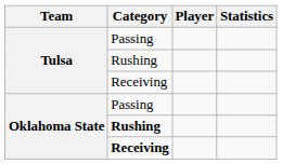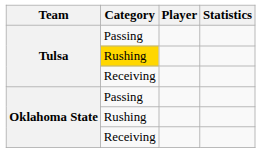 <table class="wikitable" style="float:right">
 <tr>
 <th>Team</th>
 <th>Category</th>
 <th>Player</th>
 <th>Statistics</th>
 </tr>
 <tr>
 <th rowspan=3>Tulsa</th>
 <td>Passing</td>
 <td></td>
 <td></td>
 </tr>
 <tr>
-<td>Rushing</td>
+<td style="background: gold;">Rushing</td>
 <td></td>
 <td></td>
 </tr>
 <tr>
 <td>Receiving</td>
 <td></td>
 <td></td>
 </tr>
 <tr>
 <th rowspan=3>Oklahoma State</th>
 <td>Passing</td>
 <td></td>
 <td></td>
 </tr>
 <tr>
-<td><strong>Rushing</strong></td>
+<td>Rushing</td>
 <td></td>
 <td></td>
 </tr>
 <tr>
-<td><strong>Receiving</strong></td>
+<td>Receiving</td>
 <td></td>
 <td></td>
 </tr>
 </table>
